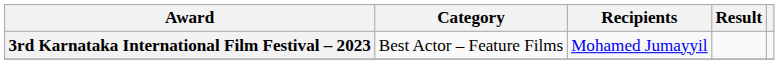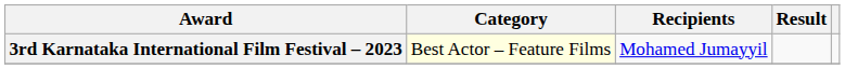 <table class="wikitable plainrowheaders sortable">
 <tr>
 <th scope="col">Award</th>
 <th scope="col">Category</th>
 <th scope="col">Recipients</th>
 <th scope="col">Result</th>
 <th scope="col" class="unsortable"></th>
 </tr>
 <tr>
 <th scope="row">3rd Karnataka International Film Festival – 2023</th>
-<td>Best Actor – Feature Films</td>
+<td style="background: lightyellow;">Best Actor – Feature Films</td>
 <td><a href='#'>Mohamed Jumayyil</a></td>
 <td></td>
 <td style="text-align:center;"></td>
 </tr>
 <tr>
 </tr>
 </table>
